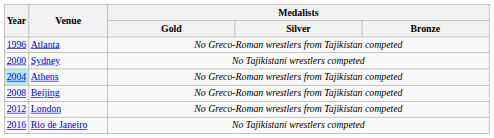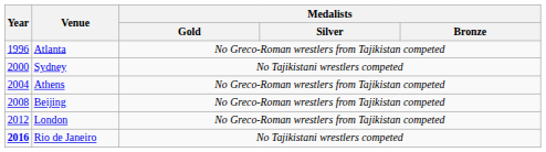 <table class="wikitable" style="text-align:left; font-size:90%">
 <tr>
 <th rowspan=2>Year</th>
 <th width=110 rowspan=2>Venue</th>
 <th colspan=3>Medalists</th>
 </tr>
 <tr>
 <th width=180 align="center">Gold</th>
 <th width=180 align="center">Silver</th>
 <th width=180 align="center">Bronze</th>
 </tr>
 <tr>
 <td><a href='#'>1996</a></td>
 <td><a href='#'>Atlanta</a></td>
 <td align="center" colspan=3><em>No Greco-Roman wrestlers from Tajikistan competed</em></td>
 </tr>
 <tr>
 <td><a href='#'>2000</a></td>
 <td><a href='#'>Sydney</a></td>
 <td align="center" colspan=3><em>No Tajikistani wrestlers competed</em></td>
 </tr>
 <tr>
-<td style="background: paleturquoise;"><a href='#'>2004</a></td>
+<td><a href='#'>2004</a></td>
 <td><a href='#'>Athens</a></td>
 <td align="center" colspan=3><em>No Greco-Roman wrestlers from Tajikistan competed</em></td>
 </tr>
 <tr>
 <td><a href='#'>2008</a></td>
 <td><a href='#'>Beijing</a></td>
 <td align="center" colspan=3><em>No Greco-Roman wrestlers from Tajikistan competed</em></td>
 </tr>
 <tr>
 <td><a href='#'>2012</a></td>
 <td><a href='#'>London</a></td>
 <td align="center" colspan=3><em>No Greco-Roman wrestlers from Tajikistan competed</em></td>
 </tr>
 <tr>
-<td><a href='#'>2016</a></td>
+<td><strong><a href='#'>2016</a></strong></td>
 <td><a href='#'>Rio de Janeiro</a></td>
 <td align="center" colspan=3><em>No Tajikistani wrestlers competed</em></td>
 </tr>
 </table>
